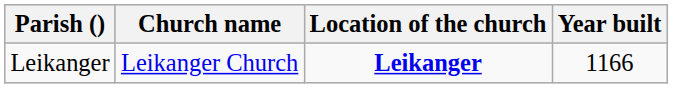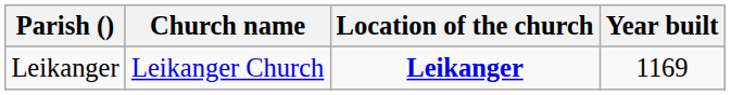 <table class="wikitable" style="text-align:center">
 <tr>
 <th>Parish ()</th>
 <th>Church name</th>
 <th>Location of the church</th>
 <th>Year built</th>
 </tr>
 <tr>
 <td>Leikanger</td>
 <td><a href='#'>Leikanger Church</a></td>
 <td><strong><a href='#'>Leikanger</a></strong></td>
-<td>1166</td>
+<td>1169</td>
 </tr>
 </table>
